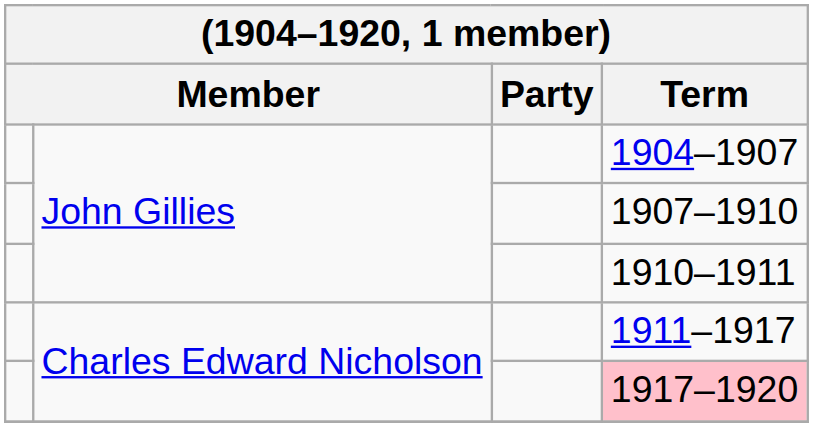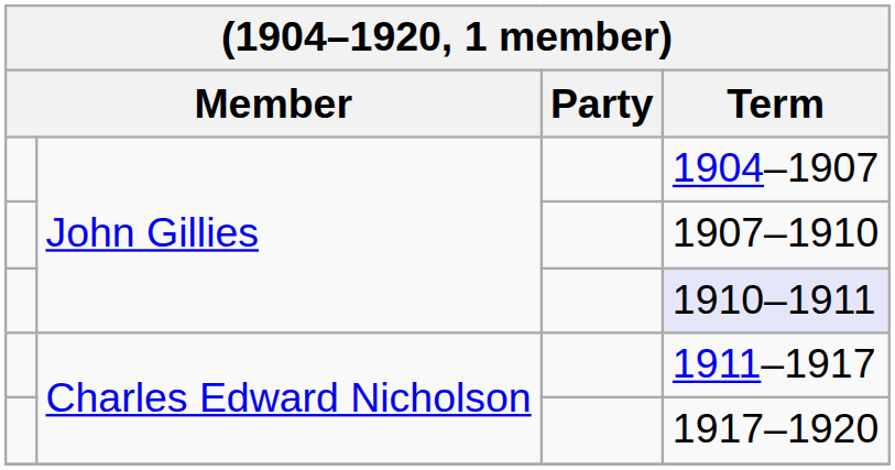 <table class="wikitable">
 <tr>
 <th colspan="4">(1904–1920, 1 member)</th>
 </tr>
 <tr>
 <th colspan="2">Member</th>
 <th>Party</th>
 <th>Term</th>
 </tr>
 <tr>
 <td> </td>
 <td rowspan="3"><a href='#'>John Gillies</a></td>
 <td></td>
 <td><a href='#'>1904</a>–1907</td>
 </tr>
 <tr>
 <td> </td>
 <td></td>
 <td>1907–1910</td>
 </tr>
 <tr>
 <td> </td>
 <td></td>
-<td>1910–1911</td>
+<td style="background: lavender;">1910–1911</td>
 </tr>
 <tr>
 <td> </td>
 <td rowspan="2"><a href='#'>Charles Edward Nicholson</a></td>
 <td></td>
 <td><a href='#'>1911</a>–1917</td>
 </tr>
 <tr>
 <td> </td>
 <td></td>
-<td style="background: pink;">1917–1920</td>
+<td>1917–1920</td>
 </tr>
 <tr>
 </tr>
 </table>
